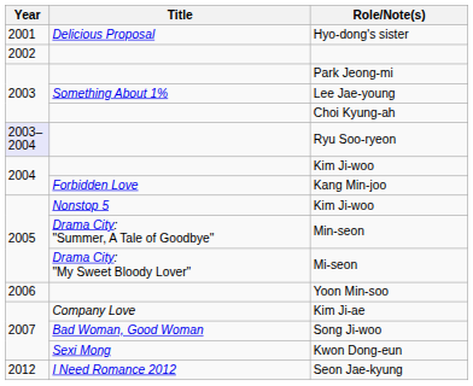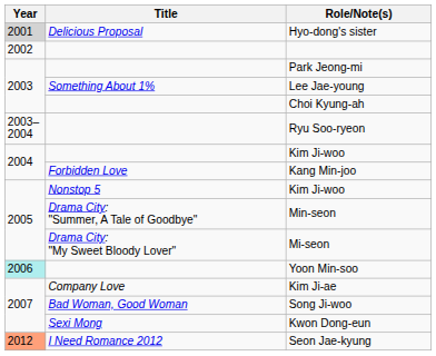 <table class="wikitable" style="width:600px;">
 <tr>
 <th width=50px>Year</th>
 <th>Title</th>
 <th>Role/Note(s)</th>
 </tr>
 <tr>
-<td>2001</td>
+<td style="background: lightgrey;">2001</td>
 <td><em><a href='#'>Delicious Proposal</a></em></td>
 <td>Hyo-dong's sister</td>
 </tr>
 <tr>
 <td>2002</td>
 <td><em></em></td>
 <td></td>
 </tr>
 <tr>
 <td rowspan=3>2003</td>
 <td><em></em></td>
 <td>Park Jeong-mi</td>
 </tr>
 <tr>
 <td><em><a href='#'>Something About 1%</a></em></td>
 <td>Lee Jae-young</td>
 </tr>
 <tr>
 <td><em></em></td>
 <td>Choi Kyung-ah</td>
 </tr>
 <tr>
-<td style="background: lavender;">2003–2004</td>
+<td>2003–2004</td>
 <td><em></em></td>
 <td>Ryu Soo-ryeon</td>
 </tr>
 <tr>
 <td rowspan=2>2004</td>
 <td><em></em></td>
 <td>Kim Ji-woo</td>
 </tr>
 <tr>
 <td><em><a href='#'>Forbidden Love</a></em></td>
 <td>Kang Min-joo</td>
 </tr>
 <tr>
 <td rowspan=3>2005</td>
 <td><em><a href='#'>Nonstop 5</a></em></td>
 <td>Kim Ji-woo</td>
 </tr>
 <tr>
 <td><em><a href='#'>Drama City</a>:</em><br>"Summer, A Tale of Goodbye"</td>
 <td>Min-seon</td>
 </tr>
 <tr>
 <td><em><a href='#'>Drama City</a>:</em><br>"My Sweet Bloody Lover"</td>
 <td>Mi-seon</td>
 </tr>
 <tr>
-<td>2006</td>
+<td style="background: paleturquoise;">2006</td>
 <td><em></em></td>
 <td>Yoon Min-soo</td>
 </tr>
 <tr>
 <td rowspan=3>2007</td>
 <td><em>Company Love</em></td>
 <td>Kim Ji-ae</td>
 </tr>
 <tr>
 <td><em><a href='#'>Bad Woman, Good Woman</a></em></td>
 <td>Song Ji-woo</td>
 </tr>
 <tr>
 <td><em><a href='#'>Sexi Mong</a></em></td>
 <td>Kwon Dong-eun</td>
 </tr>
 <tr>
-<td>2012</td>
+<td style="background: lightsalmon;">2012</td>
 <td><em><a href='#'>I Need Romance 2012</a></em></td>
 <td>Seon Jae-kyung</td>
 </tr>
 </table>
